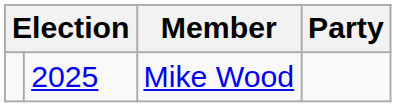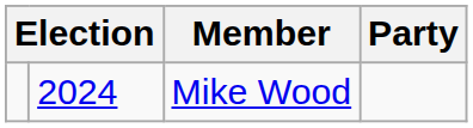 <table class="wikitable">
 <tr>
 <th colspan="2">Election</th>
 <th>Member</th>
 <th>Party</th>
 </tr>
 <tr>
 <td style="color:inherit;background-color: "></td>
-<td><a href='#'>2025</a></td>
+<td><a href='#'>2024</a></td>
 <td><a href='#'>Mike Wood</a></td>
 <td></td>
 </tr>
 </table>
